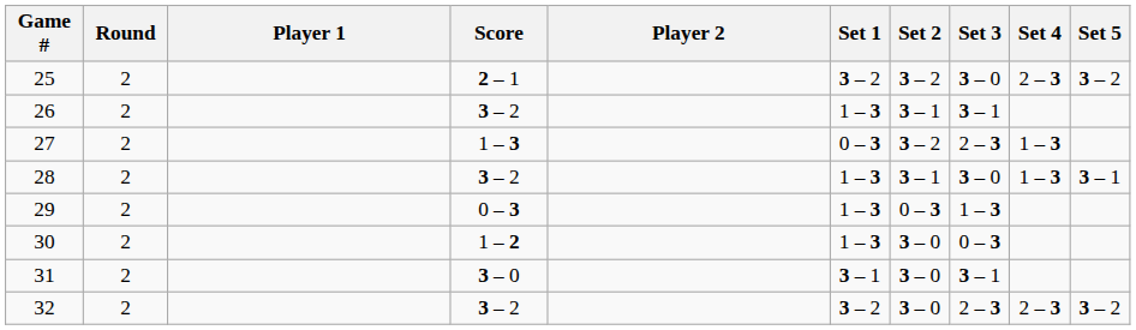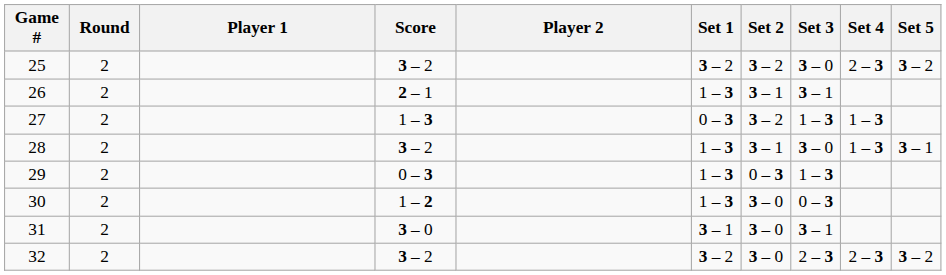 <table class="wikitable">
 <tr>
 <th width="2%">Game #</th>
 <th width="2%">Round</th>
 <th width="15%">Player 1</th>
 <th width="5%">Score</th>
 <th width="15%">Player 2</th>
 <th width="3%">Set 1</th>
 <th width="3%">Set 2</th>
 <th width="3%">Set 3</th>
 <th width="3%">Set 4</th>
 <th width="3%">Set 5</th>
 </tr>
 <tr style=text-align:center;"background:#;">
 <td>25</td>
 <td>2</td>
 <td></td>
-<td><strong>2</strong> – 1</td>
+<td><strong>3</strong> – 2</td>
 <td></td>
 <td><strong>3</strong> – 2</td>
 <td><strong>3</strong> – 2</td>
 <td><strong>3</strong> – 0</td>
 <td>2 – <strong>3</strong></td>
 <td><strong>3</strong> – 2</td>
 </tr>
 <tr style=text-align:center;"background:#;">
 <td>26</td>
 <td>2</td>
 <td></td>
-<td><strong>3</strong> – 2</td>
+<td><strong>2</strong> – 1</td>
 <td></td>
 <td>1 – <strong>3</strong></td>
 <td><strong>3</strong> – 1</td>
 <td><strong>3</strong> – 1</td>
 <td></td>
 <td></td>
 </tr>
 <tr style=text-align:center;"background:#;">
 <td>27</td>
 <td>2</td>
 <td></td>
 <td>1 – <strong>3</strong></td>
 <td></td>
 <td>0 – <strong>3</strong></td>
 <td><strong>3</strong> – 2</td>
-<td>2 – <strong>3</strong></td>
+<td>1 – <strong>3</strong></td>
 <td>1 – <strong>3</strong></td>
 <td></td>
 </tr>
 <tr style=text-align:center;"background:#;">
 <td>28</td>
 <td>2</td>
 <td></td>
 <td><strong>3</strong> – 2</td>
 <td></td>
 <td>1 – <strong>3</strong></td>
 <td><strong>3</strong> – 1</td>
 <td><strong>3</strong> – 0</td>
 <td>1 – <strong>3</strong></td>
 <td><strong>3</strong> – 1</td>
 </tr>
 <tr style=text-align:center;"background:#;">
 <td>29</td>
 <td>2</td>
 <td></td>
 <td>0 – <strong>3</strong></td>
 <td></td>
 <td>1 – <strong>3</strong></td>
 <td>0 – <strong>3</strong></td>
 <td>1 – <strong>3</strong></td>
 <td></td>
 <td></td>
 </tr>
 <tr style=text-align:center;"background:#;">
 <td>30</td>
 <td>2</td>
 <td></td>
 <td>1 – <strong>2</strong></td>
 <td></td>
 <td>1 – <strong>3</strong></td>
 <td><strong>3</strong> – 0</td>
 <td>0 – <strong>3</strong></td>
 <td></td>
 <td></td>
 </tr>
 <tr style=text-align:center;"background:#;">
 <td>31</td>
 <td>2</td>
 <td></td>
 <td><strong>3</strong> – 0</td>
 <td></td>
 <td><strong>3</strong> – 1</td>
 <td><strong>3</strong> – 0</td>
 <td><strong>3</strong> – 1</td>
 <td></td>
 <td></td>
 </tr>
 <tr style=text-align:center;"background:#;">
 <td>32</td>
 <td>2</td>
 <td></td>
 <td><strong>3</strong> – 2</td>
 <td></td>
 <td><strong>3</strong> – 2</td>
 <td><strong>3</strong> – 0</td>
 <td>2 – <strong>3</strong></td>
 <td>2 – <strong>3</strong></td>
 <td><strong>3</strong> – 2</td>
 </tr>
 </table>
